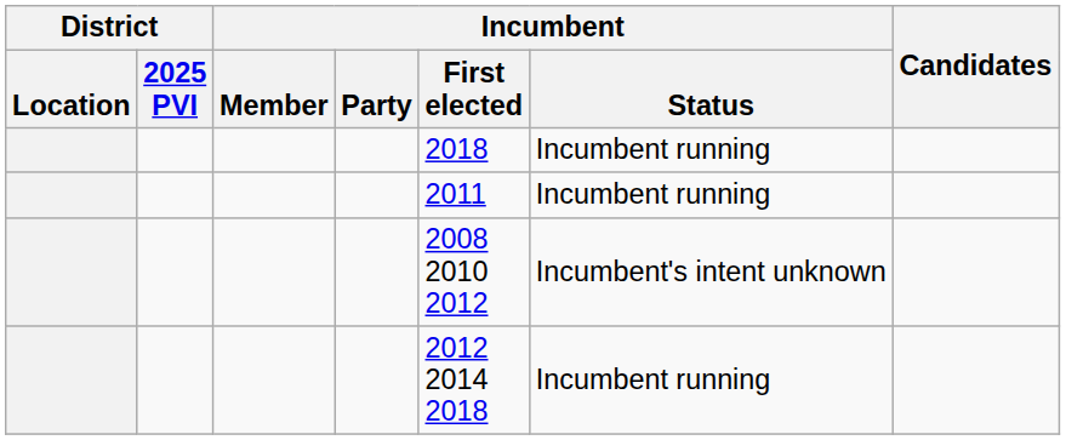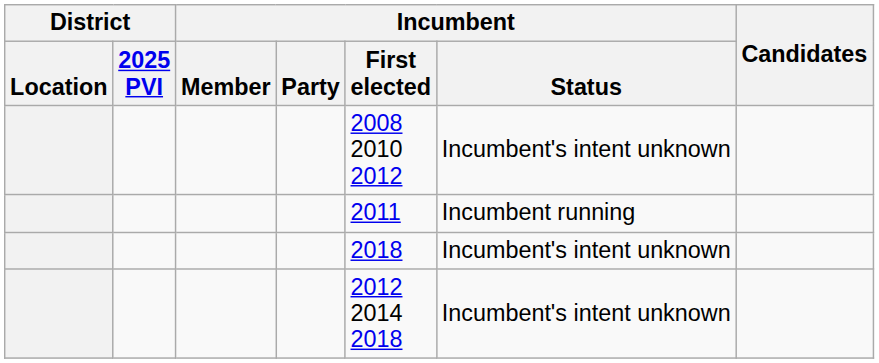 <table class="wikitable sortable">
 <tr>
 <th colspan=2>District</th>
 <th colspan=4>Incumbent</th>
 <th rowspan=2 class="unsortable">Candidates</th>
 </tr>
 <tr valign=bottom>
 <th>Location</th>
 <th><a href='#'>2025<br>PVI</a></th>
 <th>Member</th>
 <th>Party</th>
 <th>First<br>elected</th>
 <th>Status</th>
 </tr>
 <tr>
 <th></th>
 <td></td>
 <td></td>
 <td></td>
-<td><a href='#'>2018</a></td>
-<td>Incumbent running</td>
+<td><a href='#'>2008</a><br>2010 <br><a href='#'>2012</a></td>
+<td>Incumbent's intent unknown</td>
 <td></td>
 </tr>
 <tr>
 <th></th>
 <td></td>
 <td></td>
 <td></td>
 <td><a href='#'>2011 </a></td>
 <td>Incumbent running</td>
 <td></td>
 </tr>
 <tr>
 <th></th>
 <td></td>
 <td></td>
 <td></td>
-<td><a href='#'>2008</a><br>2010 <br><a href='#'>2012</a></td>
+<td><a href='#'>2018</a></td>
 <td>Incumbent's intent unknown</td>
 <td></td>
 </tr>
 <tr>
 <th></th>
 <td></td>
 <td></td>
 <td></td>
 <td><a href='#'>2012</a><br>2014 <br><a href='#'>2018</a></td>
-<td>Incumbent running</td>
+<td>Incumbent's intent unknown</td>
 <td></td>
 </tr>
 </table>
